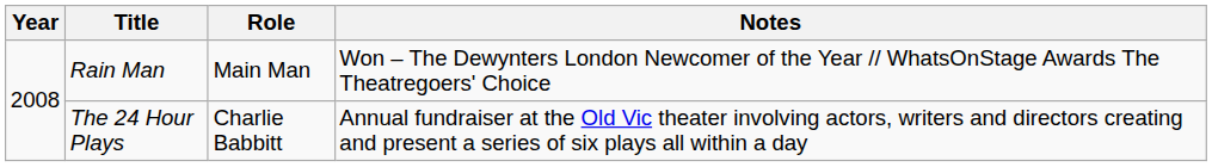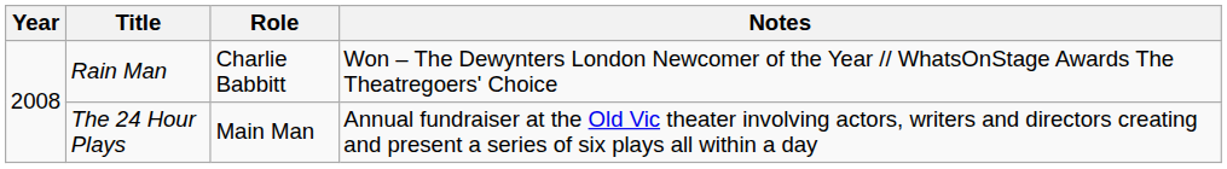 <table class="wikitable sortable">
 <tr>
 <th>Year</th>
 <th>Title</th>
 <th>Role</th>
 <th class="unsortable">Notes</th>
 </tr>
 <tr>
 <td rowspan="2">2008</td>
 <td><em>Rain Man</em></td>
-<td>Main Man</td>
+<td>Charlie Babbitt</td>
 <td>Won – The Dewynters London Newcomer of the Year // WhatsOnStage Awards The Theatregoers' Choice</td>
 </tr>
 <tr>
 <td data-sort-value="Twenty-four Hour Plays"><em>The 24 Hour Plays</em></td>
-<td>Charlie Babbitt</td>
+<td>Main Man</td>
 <td>Annual fundraiser at the <a href='#'>Old Vic</a> theater involving actors, writers and directors creating and present a series of six plays all within a day</td>
 </tr>
 </table>
